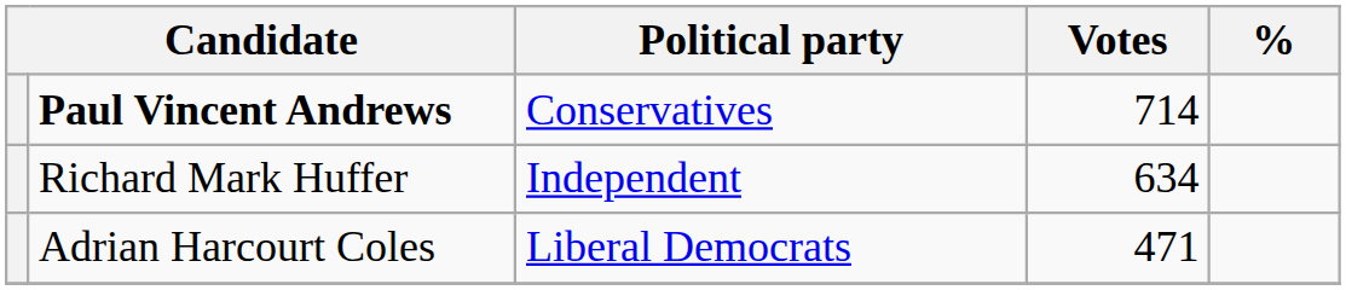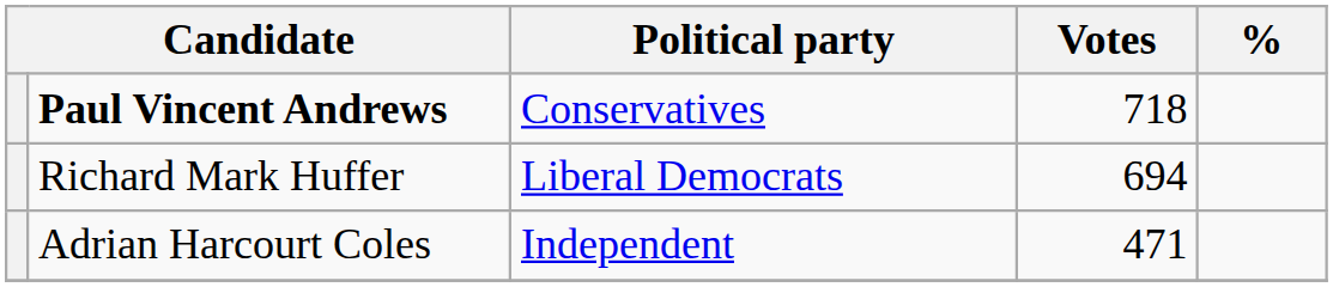 <table class="wikitable">
 <tr>
 <th valign=top colspan="2" style="width: 180px">Candidate</th>
 <th valign=top style="width: 180px">Political party</th>
 <th valign=top style="width: 60px">Votes</th>
 <th valign=top style="width: 40px">%</th>
 </tr>
 <tr>
 <th style="background-color: "></th>
 <td><strong>Paul Vincent Andrews</strong></td>
 <td><a href='#'>Conservatives</a></td>
-<td align="right">714</td>
+<td align="right">718</td>
 <td align="right"></td>
 </tr>
 <tr>
 <th style="background-color: "></th>
 <td>Richard Mark Huffer</td>
-<td><a href='#'>Independent</a></td>
-<td align="right">634</td>
+<td><a href='#'>Liberal Democrats</a></td>
+<td align="right">694</td>
 <td align="right"></td>
 </tr>
 <tr>
 <th style="background-color: "></th>
 <td>Adrian Harcourt Coles</td>
-<td><a href='#'>Liberal Democrats</a></td>
+<td><a href='#'>Independent</a></td>
 <td align="right">471</td>
 <td align="right"></td>
 </tr>
 <tr>
 </tr>
 </table>
